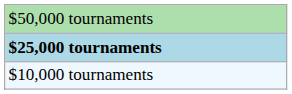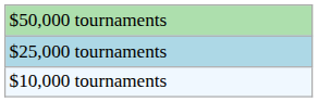 <table class="wikitable" style="font-size:90%; width:12%;">
 <tr style="background:#addfad;">
 <td>$50,000 tournaments</td>
 </tr>
 <tr style="background:lightblue;">
-<td><strong>$25,000 tournaments</strong></td>
+<td>$25,000 tournaments</td>
 </tr>
 <tr style="background:#f0f8ff;">
 <td>$10,000 tournaments</td>
 </tr>
 </table>
